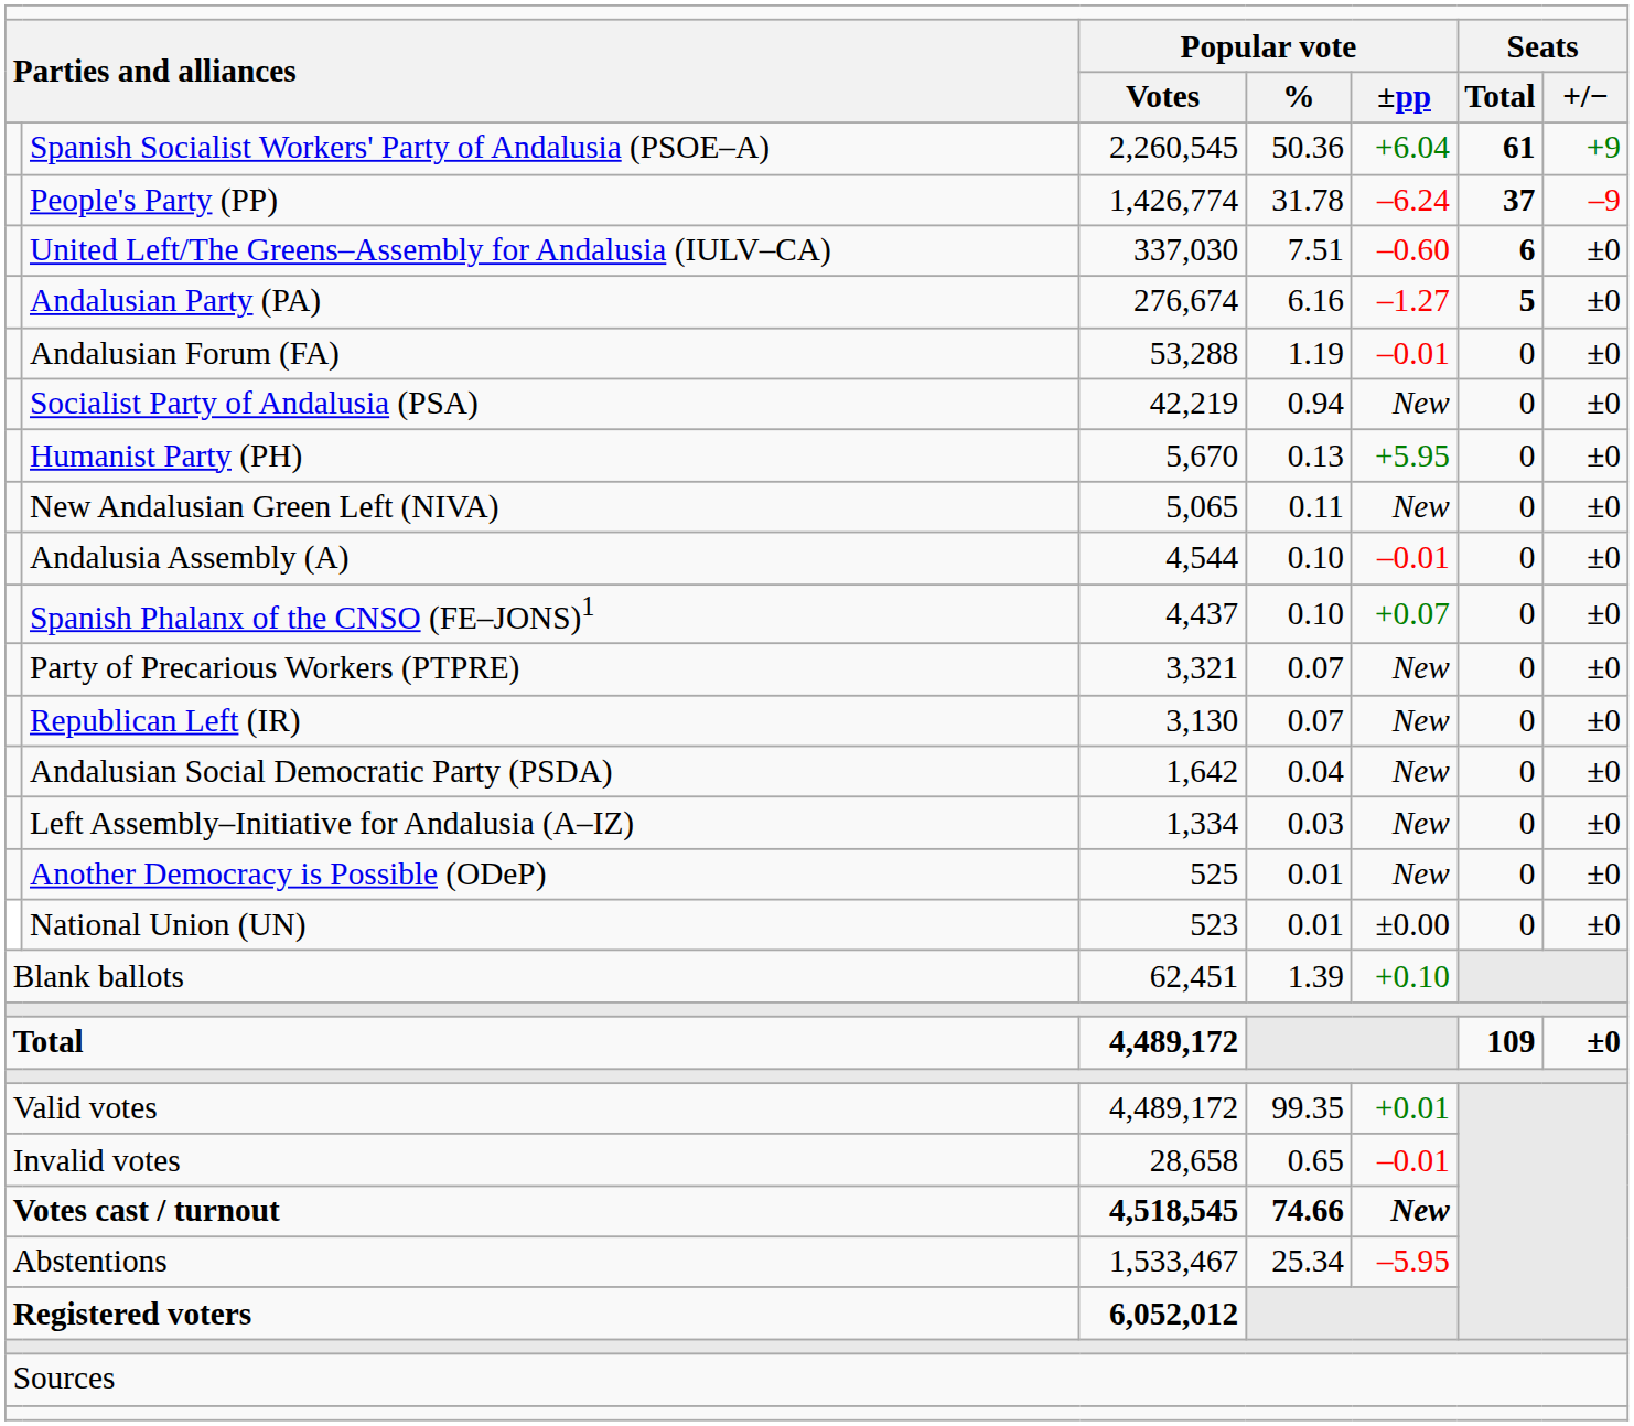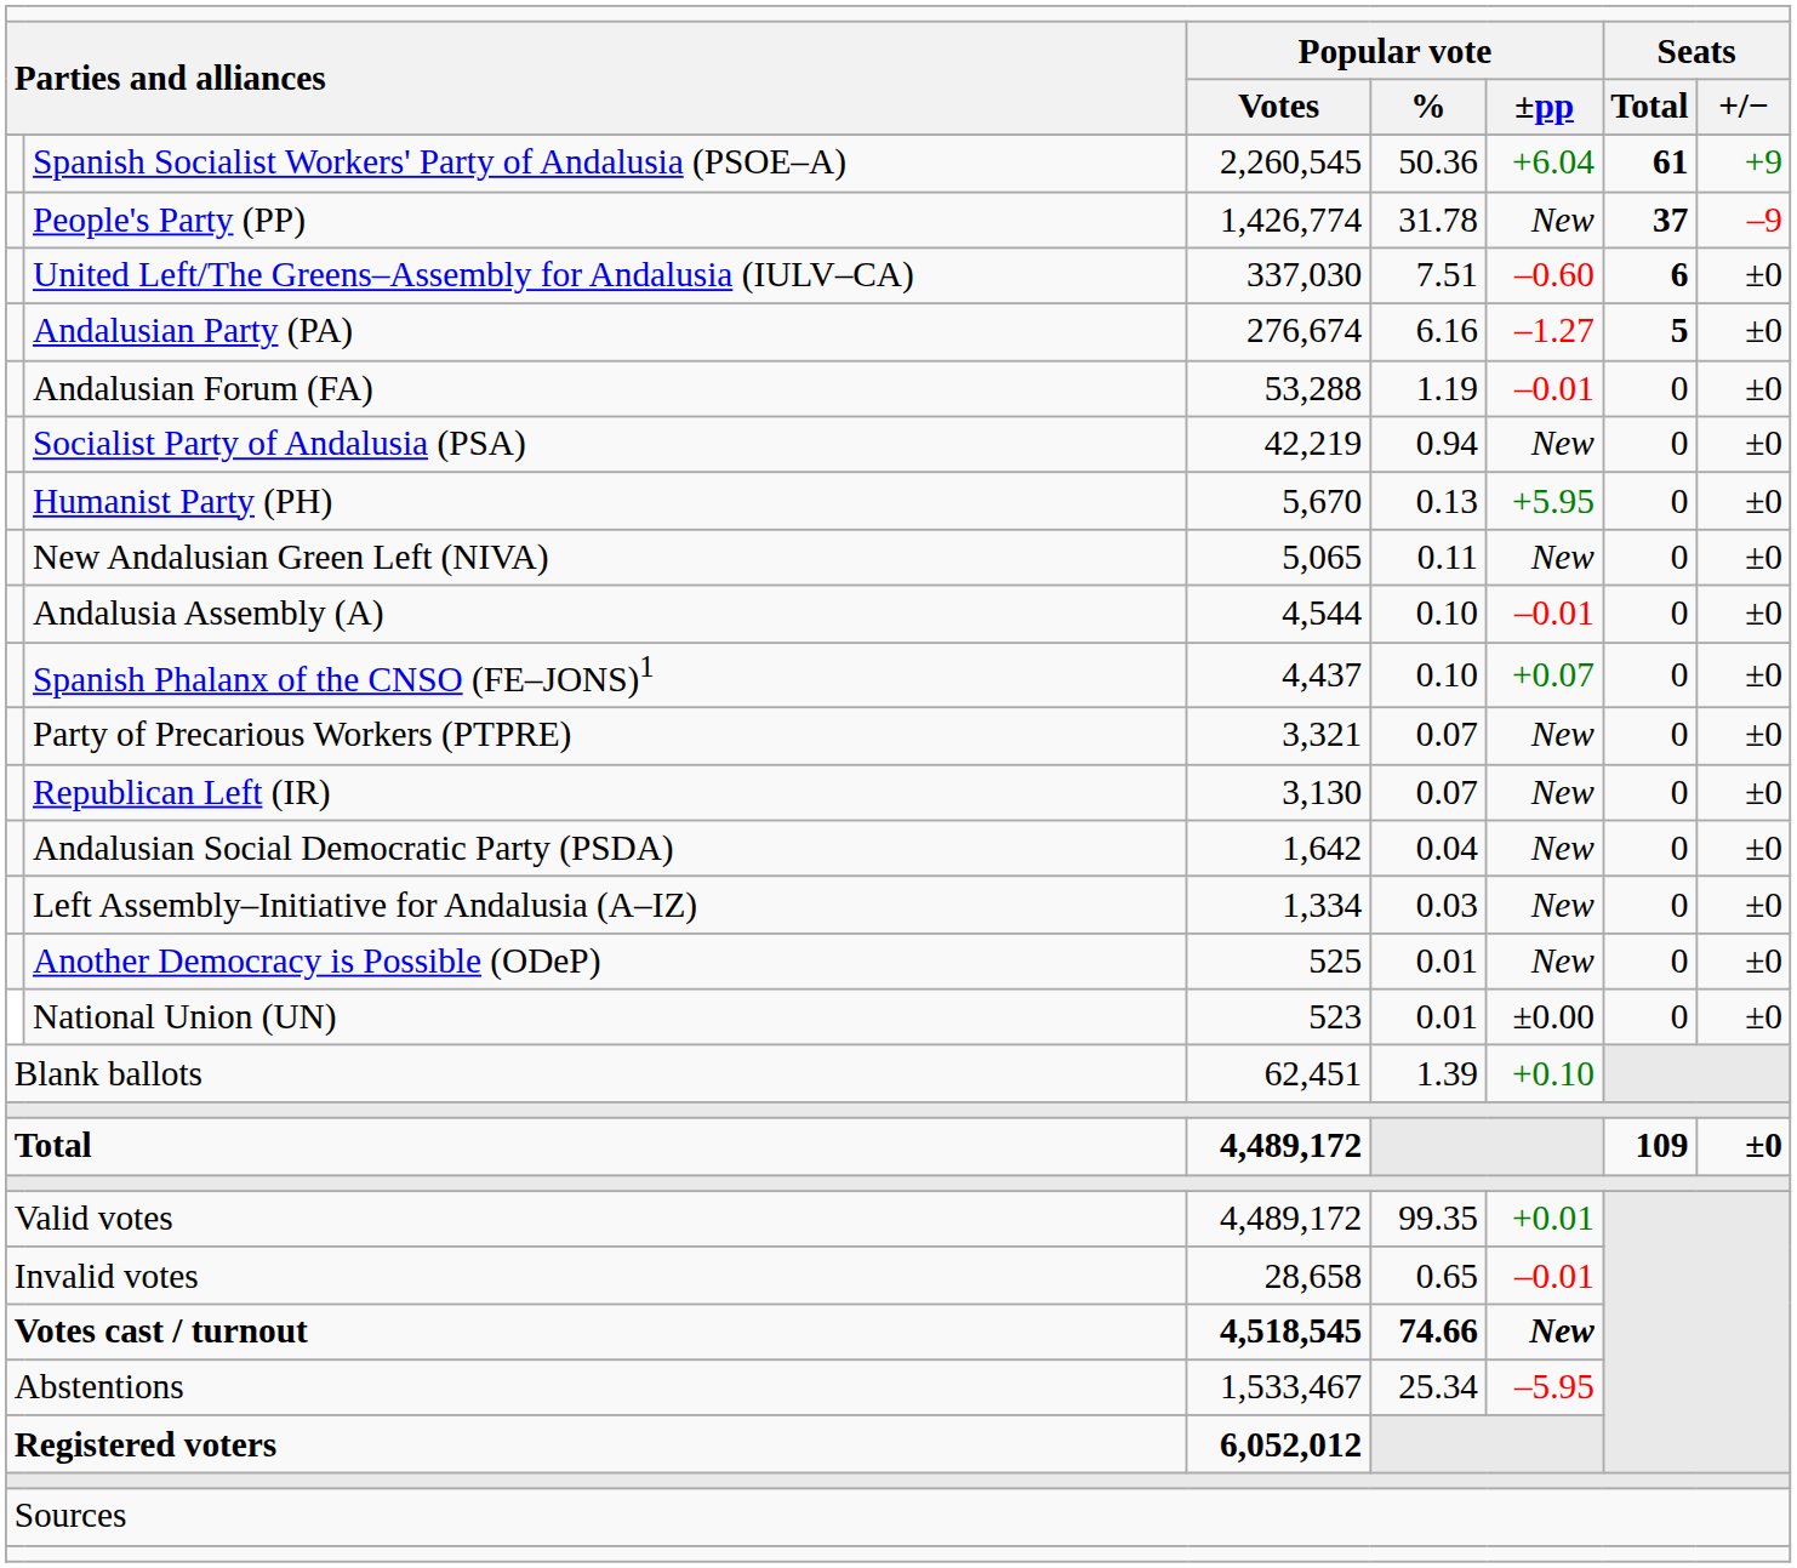 <table class="wikitable" style="text-align:right;">
 <tr>
 <td colspan="7"></td>
 </tr>
 <tr>
 <th style="text-align:left;" rowspan="2" colspan="2" width="525">Parties and alliances</th>
 <th colspan="3">Popular vote</th>
 <th colspan="2">Seats</th>
 </tr>
 <tr>
 <th width="75">Votes</th>
 <th width="45">%</th>
 <th width="45">±<a href='#'>pp</a></th>
 <th width="35">Total</th>
 <th width="35">+/−</th>
 </tr>
 <tr>
 <td width="1" style="color:inherit;background:"></td>
 <td align="left"><a href='#'>Spanish Socialist Workers' Party of Andalusia</a> (PSOE–A)</td>
 <td>2,260,545</td>
 <td>50.36</td>
 <td style="color:green;">+6.04</td>
 <td><strong>61</strong></td>
 <td style="color:green;">+9</td>
 </tr>
 <tr>
 <td style="color:inherit;background:"></td>
 <td align="left"><a href='#'>People's Party</a> (PP)</td>
 <td>1,426,774</td>
 <td>31.78</td>
-<td style="color:red;">–6.24</td>
+<td><em>New</em></td>
 <td><strong>37</strong></td>
 <td style="color:red;">–9</td>
 </tr>
 <tr>
 <td style="color:inherit;background:"></td>
 <td align="left"><a href='#'>United Left/The Greens–Assembly for Andalusia</a> (IULV–CA)</td>
 <td>337,030</td>
 <td>7.51</td>
 <td style="color:red;">–0.60</td>
 <td><strong>6</strong></td>
 <td>±0</td>
 </tr>
 <tr>
 <td style="color:inherit;background:"></td>
 <td align="left"><a href='#'>Andalusian Party</a> (PA)</td>
 <td>276,674</td>
 <td>6.16</td>
 <td style="color:red;">–1.27</td>
 <td><strong>5</strong></td>
 <td>±0</td>
 </tr>
 <tr>
 <td style="color:inherit;background:"></td>
 <td align="left">Andalusian Forum (FA)</td>
 <td>53,288</td>
 <td>1.19</td>
 <td style="color:red;">–0.01</td>
 <td>0</td>
 <td>±0</td>
 </tr>
 <tr>
 <td style="color:inherit;background:"></td>
 <td align="left"><a href='#'>Socialist Party of Andalusia</a> (PSA)</td>
 <td>42,219</td>
 <td>0.94</td>
 <td><em>New</em></td>
 <td>0</td>
 <td>±0</td>
 </tr>
 <tr>
 <td style="color:inherit;background:"></td>
 <td align="left"><a href='#'>Humanist Party</a> (PH)</td>
 <td>5,670</td>
 <td>0.13</td>
 <td style="color:green;">+5.95</td>
 <td>0</td>
 <td>±0</td>
 </tr>
 <tr>
 <td style="color:inherit;background:"></td>
 <td align="left">New Andalusian Green Left (NIVA)</td>
 <td>5,065</td>
 <td>0.11</td>
 <td><em>New</em></td>
 <td>0</td>
 <td>±0</td>
 </tr>
 <tr>
 <td style="color:inherit;background:"></td>
 <td align="left">Andalusia Assembly (A)</td>
 <td>4,544</td>
 <td>0.10</td>
 <td style="color:red;">–0.01</td>
 <td>0</td>
 <td>±0</td>
 </tr>
 <tr>
 <td style="color:inherit;background:"></td>
 <td align="left"><a href='#'>Spanish Phalanx of the CNSO</a> (FE–JONS)<sup>1</sup></td>
 <td>4,437</td>
 <td>0.10</td>
 <td style="color:green;">+0.07</td>
 <td>0</td>
 <td>±0</td>
 </tr>
 <tr>
 <td style="color:inherit;background:"></td>
 <td align="left">Party of Precarious Workers (PTPRE)</td>
 <td>3,321</td>
 <td>0.07</td>
 <td><em>New</em></td>
 <td>0</td>
 <td>±0</td>
 </tr>
 <tr>
 <td style="color:inherit;background:"></td>
 <td align="left"><a href='#'>Republican Left</a> (IR)</td>
 <td>3,130</td>
 <td>0.07</td>
 <td><em>New</em></td>
 <td>0</td>
 <td>±0</td>
 </tr>
 <tr>
 <td style="color:inherit;background:"></td>
 <td align="left">Andalusian Social Democratic Party (PSDA)</td>
 <td>1,642</td>
 <td>0.04</td>
 <td><em>New</em></td>
 <td>0</td>
 <td>±0</td>
 </tr>
 <tr>
 <td style="color:inherit;background:"></td>
 <td align="left">Left Assembly–Initiative for Andalusia (A–IZ)</td>
 <td>1,334</td>
 <td>0.03</td>
 <td><em>New</em></td>
 <td>0</td>
 <td>±0</td>
 </tr>
 <tr>
 <td style="color:inherit;background:"></td>
 <td align="left"><a href='#'>Another Democracy is Possible</a> (ODeP)</td>
 <td>525</td>
 <td>0.01</td>
 <td><em>New</em></td>
 <td>0</td>
 <td>±0</td>
 </tr>
 <tr>
 <td bgcolor="white"></td>
 <td align="left">National Union (UN)</td>
 <td>523</td>
 <td>0.01</td>
 <td>±0.00</td>
 <td>0</td>
 <td>±0</td>
 </tr>
 <tr>
 <td align="left" colspan="2">Blank ballots</td>
 <td>62,451</td>
 <td>1.39</td>
 <td style="color:green;">+0.10</td>
 <td bgcolor="#E9E9E9" colspan="2"></td>
 </tr>
 <tr>
 <td colspan="7" bgcolor="#E9E9E9"></td>
 </tr>
 <tr style="font-weight:bold;">
 <td align="left" colspan="2">Total</td>
 <td>4,489,172</td>
 <td bgcolor="#E9E9E9" colspan="2"></td>
 <td>109</td>
 <td width="35">±0</td>
 </tr>
 <tr>
 <td colspan="7" bgcolor="#E9E9E9"></td>
 </tr>
 <tr>
 <td align="left" colspan="2">Valid votes</td>
 <td>4,489,172</td>
 <td>99.35</td>
 <td style="color:green;">+0.01</td>
 <td bgcolor="#E9E9E9" colspan="2" rowspan="5"></td>
 </tr>
 <tr>
 <td align="left" colspan="2">Invalid votes</td>
 <td>28,658</td>
 <td>0.65</td>
 <td style="color:red;">–0.01</td>
 </tr>
 <tr style="font-weight:bold;">
 <td align="left" colspan="2">Votes cast / turnout</td>
 <td>4,518,545</td>
 <td>74.66</td>
 <td><em>New</em></td>
 </tr>
 <tr>
 <td align="left" colspan="2">Abstentions</td>
 <td>1,533,467</td>
 <td>25.34</td>
 <td style="color:red;">–5.95</td>
 </tr>
 <tr style="font-weight:bold;">
 <td align="left" colspan="2">Registered voters</td>
 <td>6,052,012</td>
 <td bgcolor="#E9E9E9" colspan="2"></td>
 </tr>
 <tr>
 <td colspan="7" bgcolor="#E9E9E9"></td>
 </tr>
 <tr>
 <td align="left" colspan="7">Sources</td>
 </tr>
 <tr>
 <td colspan="7" style="text-align:left; max-width:790px;"></td>
 </tr>
 </table>
